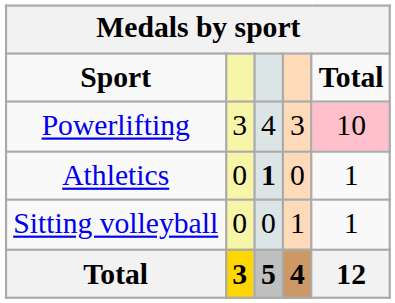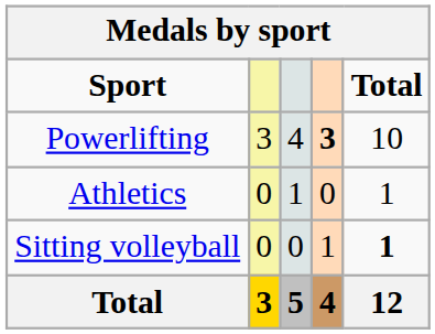 <table class="wikitable" style="font-size:85%; float:right;">
 <tr style="background:#efefef;">
 <th colspan=7>Medals by sport</th>
 </tr>
 <tr align=center>
 <td><strong>Sport</strong></td>
 <td style="background:#f7f6a8;"></td>
 <td style="background:#dce5e5;"></td>
 <td style="background:#ffdab9;"></td>
 <td><strong>Total</strong></td>
 </tr>
 <tr align=center>
 <td><a href='#'>Powerlifting</a></td>
 <td style="background:#f7f6a8;">3</td>
 <td style="background:#dce5e5;">4</td>
-<td style="background:#ffdab9;">3</td>
-<td style="background: pink;">10</td>
+<td style="background:#ffdab9;"><strong>3</strong></td>
+<td>10</td>
 </tr>
 <tr align=center>
 <td><a href='#'>Athletics</a></td>
 <td style="background:#f7f6a8;">0</td>
-<td style="background:#dce5e5;"><strong>1</strong></td>
+<td style="background:#dce5e5;">1</td>
 <td style="background:#ffdab9;">0</td>
 <td>1</td>
 </tr>
 <tr align=center>
 <td><a href='#'>Sitting volleyball</a></td>
 <td style="background:#f7f6a8;">0</td>
 <td style="background:#dce5e5;">0</td>
 <td style="background:#ffdab9;">1</td>
-<td>1</td>
+<td><strong>1</strong></td>
 </tr>
 <tr align=center>
 <th>Total</th>
 <th style="background:gold;">3</th>
 <th style="background:silver;">5</th>
 <th style="background:#c96;">4</th>
 <th>12</th>
 </tr>
 </table>
